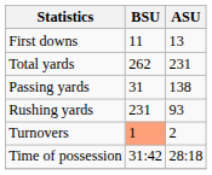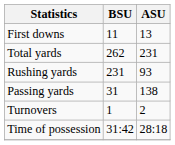 <table class="wikitable" style="float: left;">
 <tr>
 <th>Statistics</th>
 <th>BSU</th>
 <th>ASU</th>
 </tr>
 <tr>
 <td>First downs</td>
 <td>11</td>
 <td>13</td>
 </tr>
 <tr>
 <td>Total yards</td>
 <td>262</td>
 <td>231</td>
 </tr>
 <tr>
+<td>Rushing yards</td>
+<td>231</td>
+<td>93</td>
+</tr>
+<tr>
 <td>Passing yards</td>
 <td>31</td>
 <td>138</td>
 </tr>
 <tr>
-<td>Rushing yards</td>
-<td>231</td>
-<td>93</td>
-</tr>
-<tr>
 <td>Turnovers</td>
-<td style="background: lightsalmon;">1</td>
+<td>1</td>
 <td>2</td>
 </tr>
 <tr>
 <td>Time of possession</td>
 <td>31:42</td>
 <td>28:18</td>
 </tr>
 <tr>
 </tr>
 </table>
